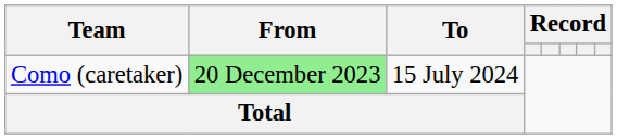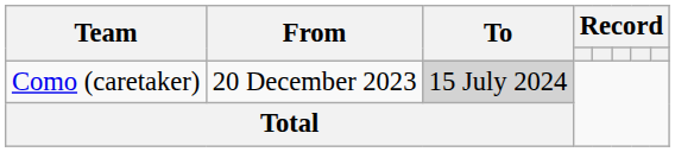 <table class="wikitable" style="text-align: center">
 <tr>
 <th rowspan="2">Team</th>
 <th rowspan="2">From</th>
 <th rowspan="2">To</th>
 <th colspan="5">Record</th>
 </tr>
 <tr>
 <th></th>
 <th></th>
 <th></th>
 <th></th>
 <th></th>
 </tr>
 <tr>
 <td align=left><a href='#'>Como</a> (caretaker)</td>
-<td align=left style="background: lightgreen;">20 December 2023</td>
-<td align=left>15 July 2024<br></td>
+<td align=left>20 December 2023</td>
+<td align=left style="background: lightgrey;">15 July 2024<br></td>
 </tr>
 <tr>
 <th colspan="3">Total<br></th>
 </tr>
 </table>
